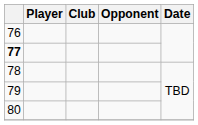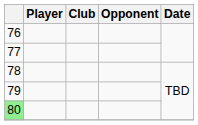 <table class="wikitable" style="text-align:center">
 <tr>
 <th></th>
 <th>Player</th>
 <th>Club</th>
 <th>Opponent</th>
 <th>Date</th>
 </tr>
 <tr>
 <td>76</td>
 <td align="left"></td>
 <td></td>
 <td></td>
 <td rowspan="2"></td>
 </tr>
 <tr>
-<td><strong>77</strong></td>
+<td>77</td>
 <td align="left"></td>
 <td></td>
 <td></td>
 </tr>
 <tr>
 <td>78</td>
 <td align="left"></td>
 <td></td>
 <td></td>
 <td rowspan="3">TBD</td>
 </tr>
 <tr>
 <td>79</td>
 <td align="left"></td>
 <td></td>
 <td></td>
 </tr>
 <tr>
-<td>80</td>
+<td style="background: lightgreen;">80</td>
 <td align="left"></td>
 <td></td>
 <td></td>
 </tr>
 <tr>
 </tr>
 </table>
